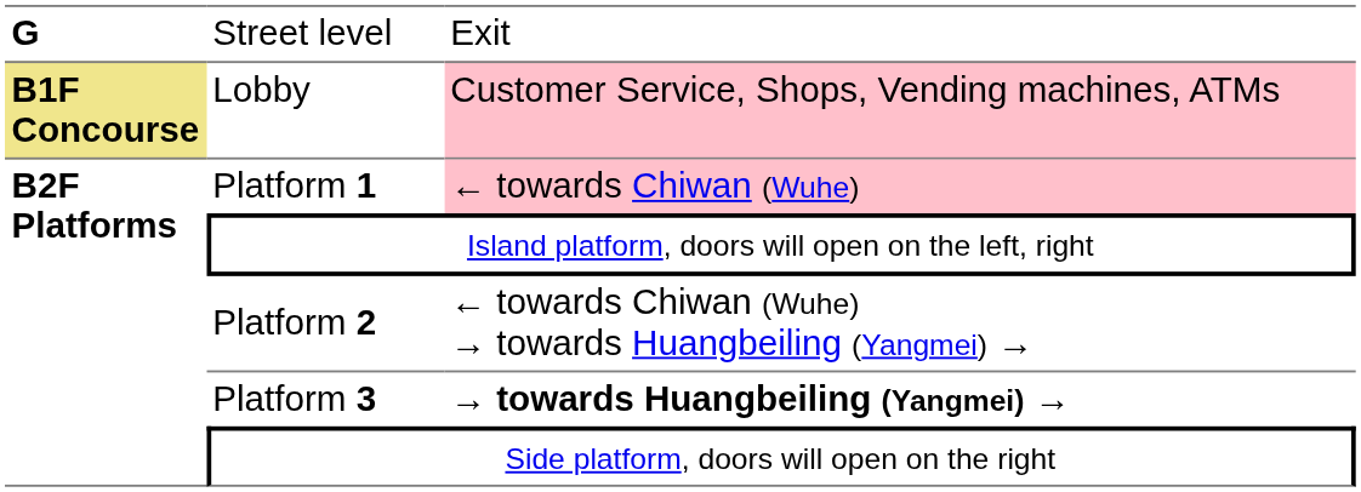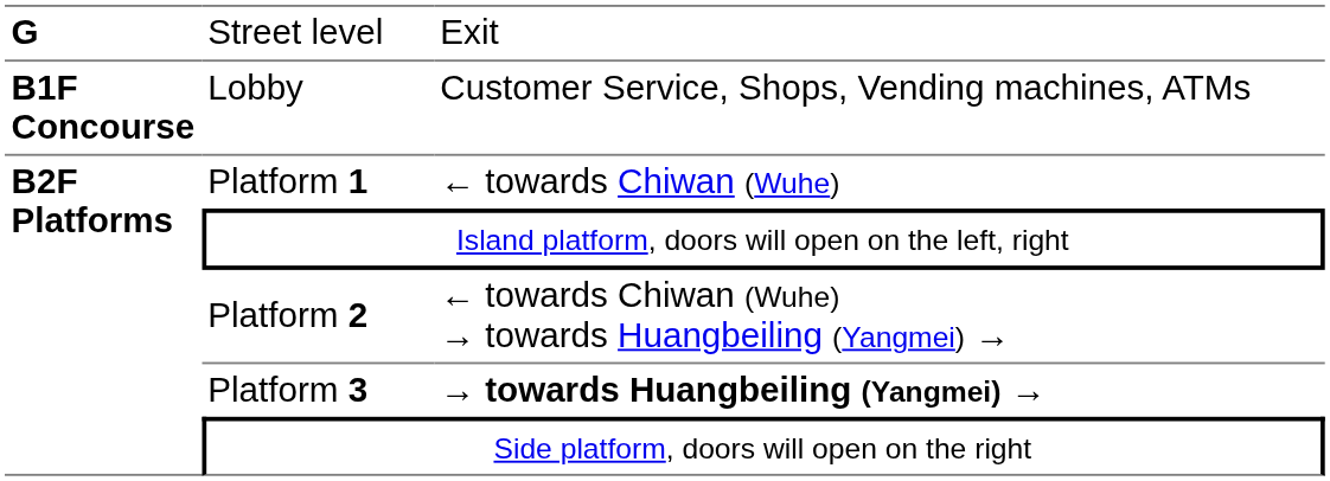 <table table border=0 cellspacing=0 cellpadding=3>
 <tr>
 <td style="border-top:solid 1px gray;" width=50 valign=top><strong>G</strong></td>
 <td style="border-top:solid 1px gray;" width=100 valign=top>Street level</td>
 <td style="border-top:solid 1px gray;" width=400 valign=top>Exit</td>
 </tr>
 <tr>
-<td style="background: khaki; border-bottom:solid 1px gray; border-top:solid 1px gray;" valign=top width=50><strong>B1F<br>Concourse</strong></td>
+<td style="border-bottom:solid 1px gray; border-top:solid 1px gray;" valign=top width=50><strong>B1F<br>Concourse</strong></td>
 <td style="border-bottom:solid 1px gray; border-top:solid 1px gray;" valign=top width=100>Lobby</td>
-<td style="background: pink; border-bottom:solid 1px gray; border-top:solid 1px gray;" valign=top width=400>Customer Service, Shops, Vending machines, ATMs</td>
+<td style="border-bottom:solid 1px gray; border-top:solid 1px gray;" valign=top width=400>Customer Service, Shops, Vending machines, ATMs</td>
 </tr>
 <tr>
 <td style="border-bottom:solid 1px gray;" rowspan="5" valign=top><strong>B2F<br>Platforms</strong></td>
 <td>Platform <strong>1</strong></td>
-<td style="background: pink;">←  towards <a href='#'>Chiwan</a> <small>(<a href='#'>Wuhe</a>)</small></td>
+<td>←  towards <a href='#'>Chiwan</a> <small>(<a href='#'>Wuhe</a>)</small></td>
 </tr>
 <tr>
 <td style="border-right:solid 2px black;border-left:solid 2px black;border-top:solid 2px black;border-bottom:solid 2px black;text-align:center;" colspan=2><small><a href='#'>Island platform</a>, doors will open on the left, right</small></td>
 </tr>
 <tr>
 <td style="border-bottom:solid 1px gray;">Platform <strong>2</strong></td>
 <td style="border-bottom:solid 1px gray;">←  towards Chiwan <small>(Wuhe)</small><br><span>→</span>  towards <a href='#'>Huangbeiling</a> <small>(<a href='#'>Yangmei</a>)</small> →</td>
 </tr>
 <tr>
 <td>Platform <strong>3</strong></td>
 <td><strong><span>→</span>  towards Huangbeiling <small>(Yangmei)</small> →</strong></td>
 </tr>
 <tr>
 <td style="border-right:solid 2px black;border-left:solid 2px black;border-top:solid 2px black;border-bottom:solid 1px gray;" colspan="2"  align=center><small><a href='#'>Side platform</a>, doors will open on the right</small></td>
 </tr>
 </table>
